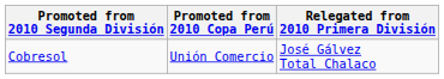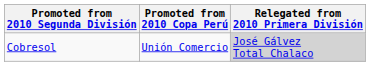 <table class="wikitable">
 <tr>
 <th>Promoted from<br><a href='#'>2010 Segunda División</a></th>
 <th>Promoted from<br><a href='#'>2010 Copa Perú</a></th>
 <th>Relegated from<br><a href='#'>2010 Primera División</a></th>
 </tr>
 <tr>
 <td> <a href='#'>Cobresol</a> </td>
 <td> <a href='#'>Unión Comercio</a> </td>
-<td> <a href='#'>José Gálvez</a> <br> <a href='#'>Total Chalaco</a> </td>
+<td style="background: lightgrey;"> <a href='#'>José Gálvez</a> <br> <a href='#'>Total Chalaco</a> </td>
 </tr>
 </table>
